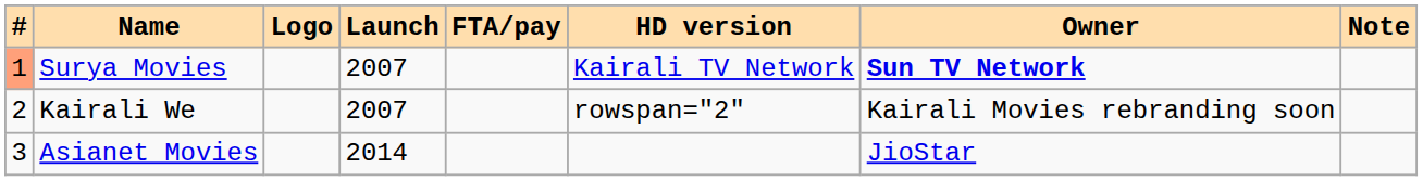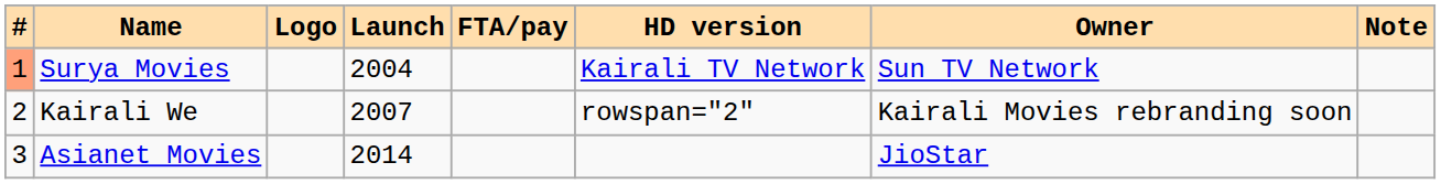 <table class="wikitable sortable">
 <tr>
 <th style="background-color:navajowhite">#</th>
 <th style="background-color:navajowhite">Name</th>
 <th style="background-color:navajowhite">Logo</th>
 <th style="background-color:navajowhite">Launch</th>
 <th style="background-color:navajowhite">FTA/pay</th>
 <th style="background-color:navajowhite">HD version</th>
 <th style="background-color:navajowhite">Owner</th>
 <th style="background-color:navajowhite">Note</th>
 </tr>
 <tr>
 <td style="background: lightsalmon;">1</td>
 <td><a href='#'>Surya Movies</a></td>
 <td></td>
-<td>2007</td>
+<td>2004</td>
 <td></td>
 <td><a href='#'>Kairali TV Network</a></td>
-<td><strong><a href='#'>Sun TV Network</a></strong></td>
+<td><a href='#'>Sun TV Network</a></td>
 <td></td>
 </tr>
 <tr>
 <td>2</td>
 <td>Kairali We</td>
 <td></td>
 <td>2007</td>
 <td></td>
 <td>rowspan="2" </td>
 <td>Kairali Movies rebranding soon</td>
 </tr>
 <tr>
 <td>3</td>
 <td><a href='#'>Asianet Movies</a></td>
 <td></td>
 <td>2014</td>
 <td></td>
 <td></td>
 <td><a href='#'>JioStar</a></td>
 <td></td>
 </tr>
 </table>
